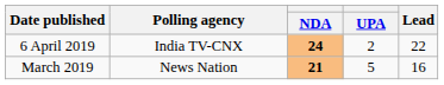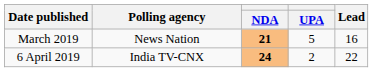 <table class="wikitable sortable" style="text-align:center;font-size:95%;line-height:16px">
 <tr>
 <th rowspan="2" width="100px">Date published</th>
 <th rowspan="2" width="175px">Polling agency</th>
 <th style="background:"></th>
 <th style="background:"></th>
 <th rowspan="2">Lead</th>
 </tr>
 <tr>
 <th width="50px" class="unsortable"><a href='#'>NDA</a></th>
 <th width="50px" class="unsortable"><a href='#'>UPA</a></th>
 </tr>
 <tr>
+<td>March 2019</td>
+<td>News Nation</td>
+<td style="background:#F9BC7F"><strong>21</strong></td>
+<td>5</td>
+<td style="background:"><span>16</span></td>
+</tr>
+<tr>
 <td>6 April 2019</td>
 <td>India TV-CNX</td>
 <td style="background:#F9BC7F"><strong>24</strong></td>
 <td>2</td>
 <td style="background:"><span>22</span></td>
 </tr>
-<tr>
-<td>March 2019</td>
-<td>News Nation</td>
-<td style="background:#F9BC7F"><strong>21</strong></td>
-<td>5</td>
-<td style="background:"><span>16</span></td>
-</tr>
 </table>
